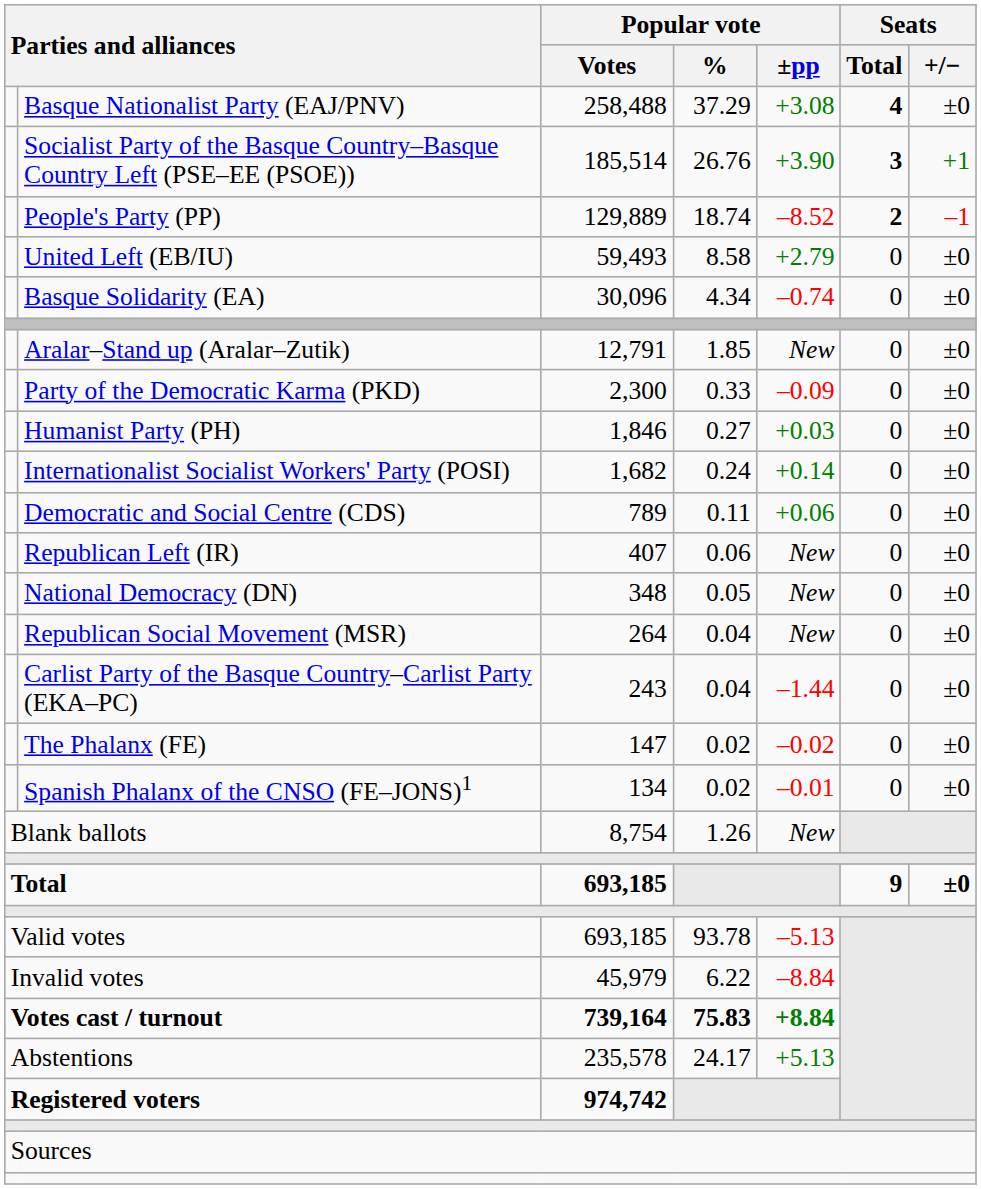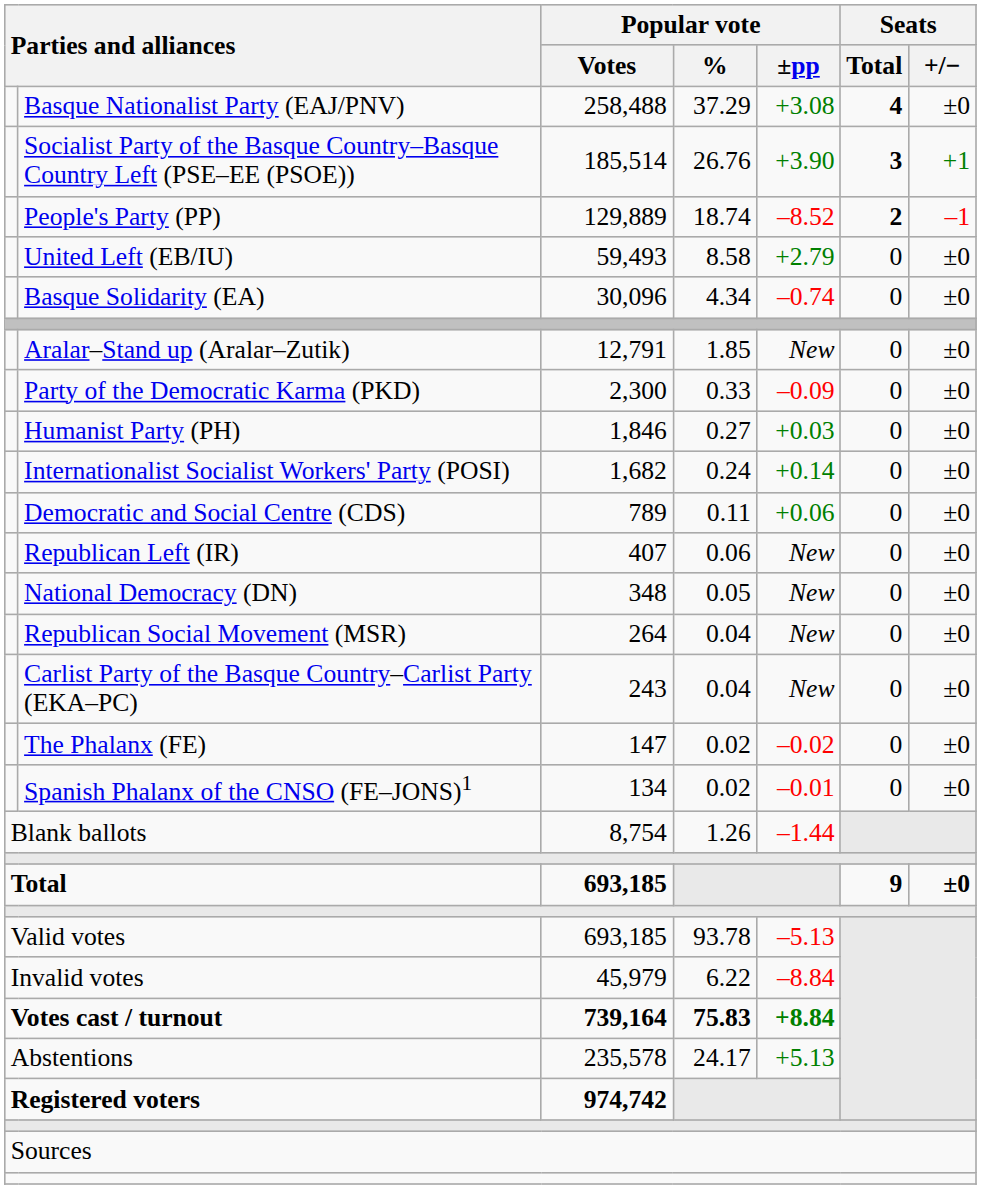 <table class="wikitable" style="text-align:right;">
 <tr>
 <th style="text-align:left;" rowspan="2" colspan="2" width="525">Parties and alliances</th>
 <th colspan="3">Popular vote</th>
 <th colspan="2">Seats</th>
 </tr>
 <tr>
 <th width="75">Votes</th>
 <th width="45">%</th>
 <th width="45">±<a href='#'>pp</a></th>
 <th width="35">Total</th>
 <th width="35">+/−</th>
 </tr>
 <tr>
 <td width="1" style="color:inherit;background:"></td>
 <td align="left"><a href='#'>Basque Nationalist Party</a> (EAJ/PNV)</td>
 <td>258,488</td>
 <td>37.29</td>
 <td style="color:green;">+3.08</td>
 <td><strong>4</strong></td>
 <td>±0</td>
 </tr>
 <tr>
 <td style="color:inherit;background:"></td>
 <td align="left"><a href='#'>Socialist Party of the Basque Country–Basque Country Left</a> (PSE–EE (PSOE))</td>
 <td>185,514</td>
 <td>26.76</td>
 <td style="color:green;">+3.90</td>
 <td><strong>3</strong></td>
 <td style="color:green;">+1</td>
 </tr>
 <tr>
 <td style="color:inherit;background:"></td>
 <td align="left"><a href='#'>People's Party</a> (PP)</td>
 <td>129,889</td>
 <td>18.74</td>
 <td style="color:red;">–8.52</td>
 <td><strong>2</strong></td>
 <td style="color:red;">–1</td>
 </tr>
 <tr>
 <td style="color:inherit;background:"></td>
 <td align="left"><a href='#'>United Left</a> (EB/IU)</td>
 <td>59,493</td>
 <td>8.58</td>
 <td style="color:green;">+2.79</td>
 <td>0</td>
 <td>±0</td>
 </tr>
 <tr>
 <td style="color:inherit;background:"></td>
 <td align="left"><a href='#'>Basque Solidarity</a> (EA)</td>
 <td>30,096</td>
 <td>4.34</td>
 <td style="color:red;">–0.74</td>
 <td>0</td>
 <td>±0</td>
 </tr>
 <tr>
 <td colspan="7" bgcolor="#C0C0C0"></td>
 </tr>
 <tr>
 <td style="color:inherit;background:"></td>
 <td align="left"><a href='#'>Aralar</a>–<a href='#'>Stand up</a> (Aralar–Zutik)</td>
 <td>12,791</td>
 <td>1.85</td>
 <td><em>New</em></td>
 <td>0</td>
 <td>±0</td>
 </tr>
 <tr>
 <td style="color:inherit;background:"></td>
 <td align="left"><a href='#'>Party of the Democratic Karma</a> (PKD)</td>
 <td>2,300</td>
 <td>0.33</td>
 <td style="color:red;">–0.09</td>
 <td>0</td>
 <td>±0</td>
 </tr>
 <tr>
 <td style="color:inherit;background:"></td>
 <td align="left"><a href='#'>Humanist Party</a> (PH)</td>
 <td>1,846</td>
 <td>0.27</td>
 <td style="color:green;">+0.03</td>
 <td>0</td>
 <td>±0</td>
 </tr>
 <tr>
 <td style="color:inherit;background:"></td>
 <td align="left"><a href='#'>Internationalist Socialist Workers' Party</a> (POSI)</td>
 <td>1,682</td>
 <td>0.24</td>
 <td style="color:green;">+0.14</td>
 <td>0</td>
 <td>±0</td>
 </tr>
 <tr>
 <td style="color:inherit;background:"></td>
 <td align="left"><a href='#'>Democratic and Social Centre</a> (CDS)</td>
 <td>789</td>
 <td>0.11</td>
 <td style="color:green;">+0.06</td>
 <td>0</td>
 <td>±0</td>
 </tr>
 <tr>
 <td style="color:inherit;background:"></td>
 <td align="left"><a href='#'>Republican Left</a> (IR)</td>
 <td>407</td>
 <td>0.06</td>
 <td><em>New</em></td>
 <td>0</td>
 <td>±0</td>
 </tr>
 <tr>
 <td style="color:inherit;background:"></td>
 <td align="left"><a href='#'>National Democracy</a> (DN)</td>
 <td>348</td>
 <td>0.05</td>
 <td><em>New</em></td>
 <td>0</td>
 <td>±0</td>
 </tr>
 <tr>
 <td style="color:inherit;background:"></td>
 <td align="left"><a href='#'>Republican Social Movement</a> (MSR)</td>
 <td>264</td>
 <td>0.04</td>
 <td><em>New</em></td>
 <td>0</td>
 <td>±0</td>
 </tr>
 <tr>
 <td style="color:inherit;background:"></td>
 <td align="left"><a href='#'>Carlist Party of the Basque Country</a>–<a href='#'>Carlist Party</a> (EKA–PC)</td>
 <td>243</td>
 <td>0.04</td>
-<td style="color:red;">–1.44</td>
+<td><em>New</em></td>
 <td>0</td>
 <td>±0</td>
 </tr>
 <tr>
 <td style="color:inherit;background:"></td>
 <td align="left"><a href='#'>The Phalanx</a> (FE)</td>
 <td>147</td>
 <td>0.02</td>
 <td style="color:red;">–0.02</td>
 <td>0</td>
 <td>±0</td>
 </tr>
 <tr>
 <td style="color:inherit;background:"></td>
 <td align="left"><a href='#'>Spanish Phalanx of the CNSO</a> (FE–JONS)<sup>1</sup></td>
 <td>134</td>
 <td>0.02</td>
 <td style="color:red;">–0.01</td>
 <td>0</td>
 <td>±0</td>
 </tr>
 <tr>
 <td align="left" colspan="2">Blank ballots</td>
 <td>8,754</td>
 <td>1.26</td>
-<td><em>New</em></td>
+<td style="color:red;">–1.44</td>
 <td bgcolor="#E9E9E9" colspan="2"></td>
 </tr>
 <tr>
 <td colspan="7" bgcolor="#E9E9E9"></td>
 </tr>
 <tr style="font-weight:bold;">
 <td align="left" colspan="2">Total</td>
 <td>693,185</td>
 <td bgcolor="#E9E9E9" colspan="2"></td>
 <td>9</td>
 <td>±0</td>
 </tr>
 <tr>
 <td colspan="7" bgcolor="#E9E9E9"></td>
 </tr>
 <tr>
 <td align="left" colspan="2">Valid votes</td>
 <td>693,185</td>
 <td>93.78</td>
 <td style="color:red;">–5.13</td>
 <td bgcolor="#E9E9E9" colspan="2" rowspan="5"></td>
 </tr>
 <tr>
 <td align="left" colspan="2">Invalid votes</td>
 <td>45,979</td>
 <td>6.22</td>
 <td style="color:red;">–8.84</td>
 </tr>
 <tr style="font-weight:bold;">
 <td align="left" colspan="2">Votes cast / turnout</td>
 <td>739,164</td>
 <td>75.83</td>
 <td style="color:green;">+8.84</td>
 </tr>
 <tr>
 <td align="left" colspan="2">Abstentions</td>
 <td>235,578</td>
 <td>24.17</td>
 <td style="color:green;">+5.13</td>
 </tr>
 <tr style="font-weight:bold;">
 <td align="left" colspan="2">Registered voters</td>
 <td>974,742</td>
 <td bgcolor="#E9E9E9" colspan="2"></td>
 </tr>
 <tr>
 <td colspan="7" bgcolor="#E9E9E9"></td>
 </tr>
 <tr>
 <td align="left" colspan="7">Sources</td>
 </tr>
 <tr>
 <td colspan="7" style="text-align:left; max-width:790px;"></td>
 </tr>
 </table>
